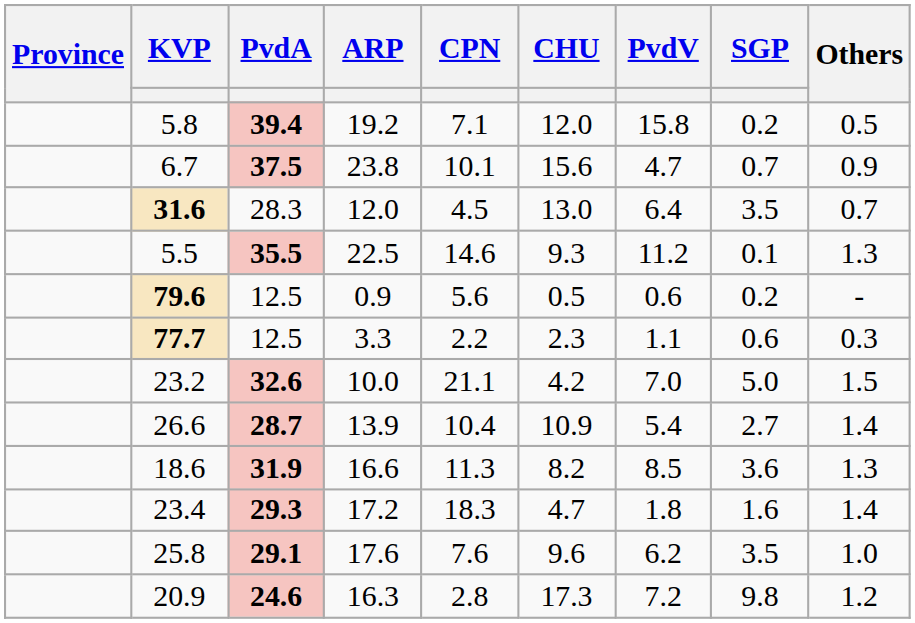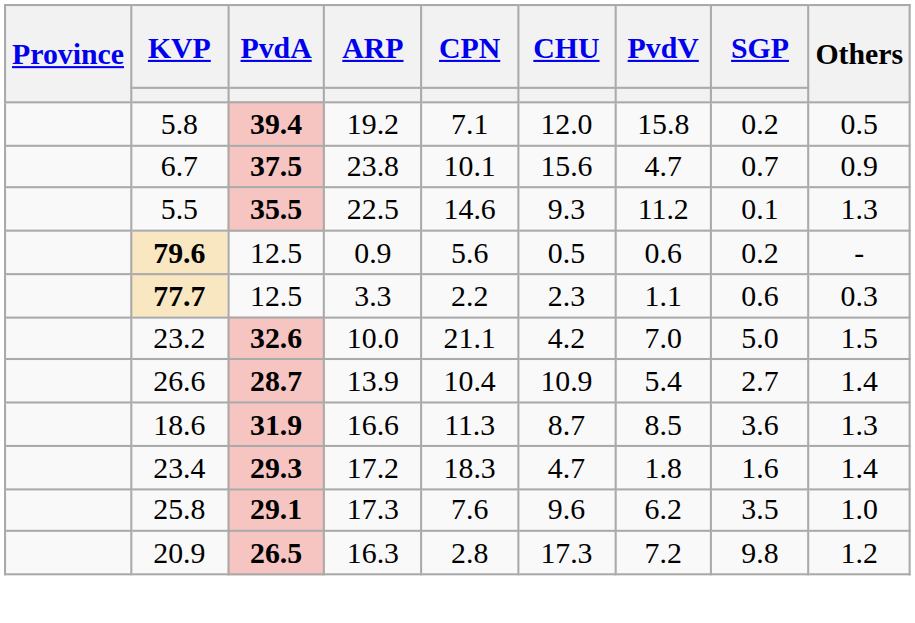 <table class="wikitable sortable" style="text-align:center;font-size:90%;line-height:14px">
 <tr style="height:40px;">
 <th rowspan="2"><a href='#'>Province</a></th>
 <th style="width:40px;"><a href='#'>KVP</a></th>
 <th style="width:40px;"><a href='#'>PvdA</a></th>
 <th style="width:40px;"><a href='#'>ARP</a></th>
 <th style="width:40px;"><a href='#'>CPN</a></th>
 <th style="width:40px;"><a href='#'>CHU</a></th>
 <th style="width:40px;"><a href='#'>PvdV</a></th>
 <th style="width:40px;"><a href='#'>SGP</a></th>
 <th style="width:40px;" rowspan="2">Others</th>
 </tr>
 <tr>
 <th style="background:"></th>
 <th style="background:"></th>
 <th style="background:"></th>
 <th style="background:"></th>
 <th style="background:"></th>
 <th style="background:"></th>
 <th style="background:"></th>
 </tr>
 <tr>
 <td align="left"></td>
 <td>5.8</td>
 <td style="background:#F6C5C1;"><strong>39.4</strong></td>
 <td>19.2</td>
 <td>7.1</td>
 <td>12.0</td>
 <td>15.8</td>
 <td>0.2</td>
 <td>0.5</td>
 </tr>
 <tr>
 <td align="left"></td>
 <td>6.7</td>
 <td style="background:#F6C5C1;"><strong>37.5</strong></td>
 <td>23.8</td>
 <td>10.1</td>
 <td>15.6</td>
 <td>4.7</td>
 <td>0.7</td>
 <td>0.9</td>
-</tr>
-<tr>
-<td align="left"></td>
-<td style="background:#f8e7c1;"><strong>31.6</strong></td>
-<td>28.3</td>
-<td>12.0</td>
-<td>4.5</td>
-<td>13.0</td>
-<td>6.4</td>
-<td>3.5</td>
-<td>0.7</td>
 </tr>
 <tr>
 <td align="left"></td>
 <td>5.5</td>
 <td style="background:#F6C5C1;"><strong>35.5</strong></td>
 <td>22.5</td>
 <td>14.6</td>
 <td>9.3</td>
 <td>11.2</td>
 <td>0.1</td>
 <td>1.3</td>
 </tr>
 <tr>
 <td align="left"></td>
 <td style="background:#f8e7c1;"><strong>79.6</strong></td>
 <td>12.5</td>
 <td>0.9</td>
 <td>5.6</td>
 <td>0.5</td>
 <td>0.6</td>
 <td>0.2</td>
 <td>-</td>
 </tr>
 <tr>
 <td align="left"></td>
 <td style="background:#f8e7c1;"><strong>77.7</strong></td>
 <td>12.5</td>
 <td>3.3</td>
 <td>2.2</td>
 <td>2.3</td>
 <td>1.1</td>
 <td>0.6</td>
 <td>0.3</td>
 </tr>
 <tr>
 <td align="left"></td>
 <td>23.2</td>
 <td style="background:#F6C5C1;"><strong>32.6</strong></td>
 <td>10.0</td>
 <td>21.1</td>
 <td>4.2</td>
 <td>7.0</td>
 <td>5.0</td>
 <td>1.5</td>
 </tr>
 <tr>
 <td align="left"></td>
 <td>26.6</td>
 <td style="background:#F6C5C1;"><strong>28.7</strong></td>
 <td>13.9</td>
 <td>10.4</td>
 <td>10.9</td>
 <td>5.4</td>
 <td>2.7</td>
 <td>1.4</td>
 </tr>
 <tr>
 <td align="left"></td>
 <td>18.6</td>
 <td style="background:#F6C5C1;"><strong>31.9</strong></td>
 <td>16.6</td>
 <td>11.3</td>
-<td>8.2</td>
+<td>8.7</td>
 <td>8.5</td>
 <td>3.6</td>
 <td>1.3</td>
 </tr>
 <tr>
 <td align="left"></td>
 <td>23.4</td>
 <td style="background:#F6C5C1;"><strong>29.3</strong></td>
 <td>17.2</td>
 <td>18.3</td>
 <td>4.7</td>
 <td>1.8</td>
 <td>1.6</td>
 <td>1.4</td>
 </tr>
 <tr>
 <td align="left"></td>
 <td>25.8</td>
 <td style="background:#F6C5C1;"><strong>29.1</strong></td>
-<td>17.6</td>
+<td>17.3</td>
 <td>7.6</td>
 <td>9.6</td>
 <td>6.2</td>
 <td>3.5</td>
 <td>1.0</td>
 </tr>
 <tr>
 <td align="left"></td>
 <td>20.9</td>
-<td style="background:#F6C5C1;"><strong>24.6</strong></td>
+<td style="background:#F6C5C1;"><strong>26.5</strong></td>
 <td>16.3</td>
 <td>2.8</td>
 <td>17.3</td>
 <td>7.2</td>
 <td>9.8</td>
 <td>1.2</td>
 </tr>
 </table>
